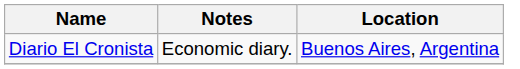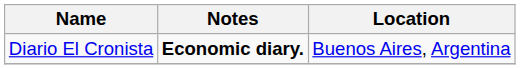 <table class="wikitable">
 <tr>
 <th align="left">Name</th>
 <th align="left">Notes</th>
 <th align="left">Location</th>
 </tr>
 <tr>
 <td align="left"><a href='#'>Diario El Cronista</a></td>
-<td align="left">Economic diary.</td>
+<td align="left"><strong>Economic diary.</strong></td>
 <td align="left"><a href='#'>Buenos Aires</a>, <a href='#'>Argentina</a></td>
 </tr>
 <tr>
 </tr>
 <tr>
 </tr>
 </table>
